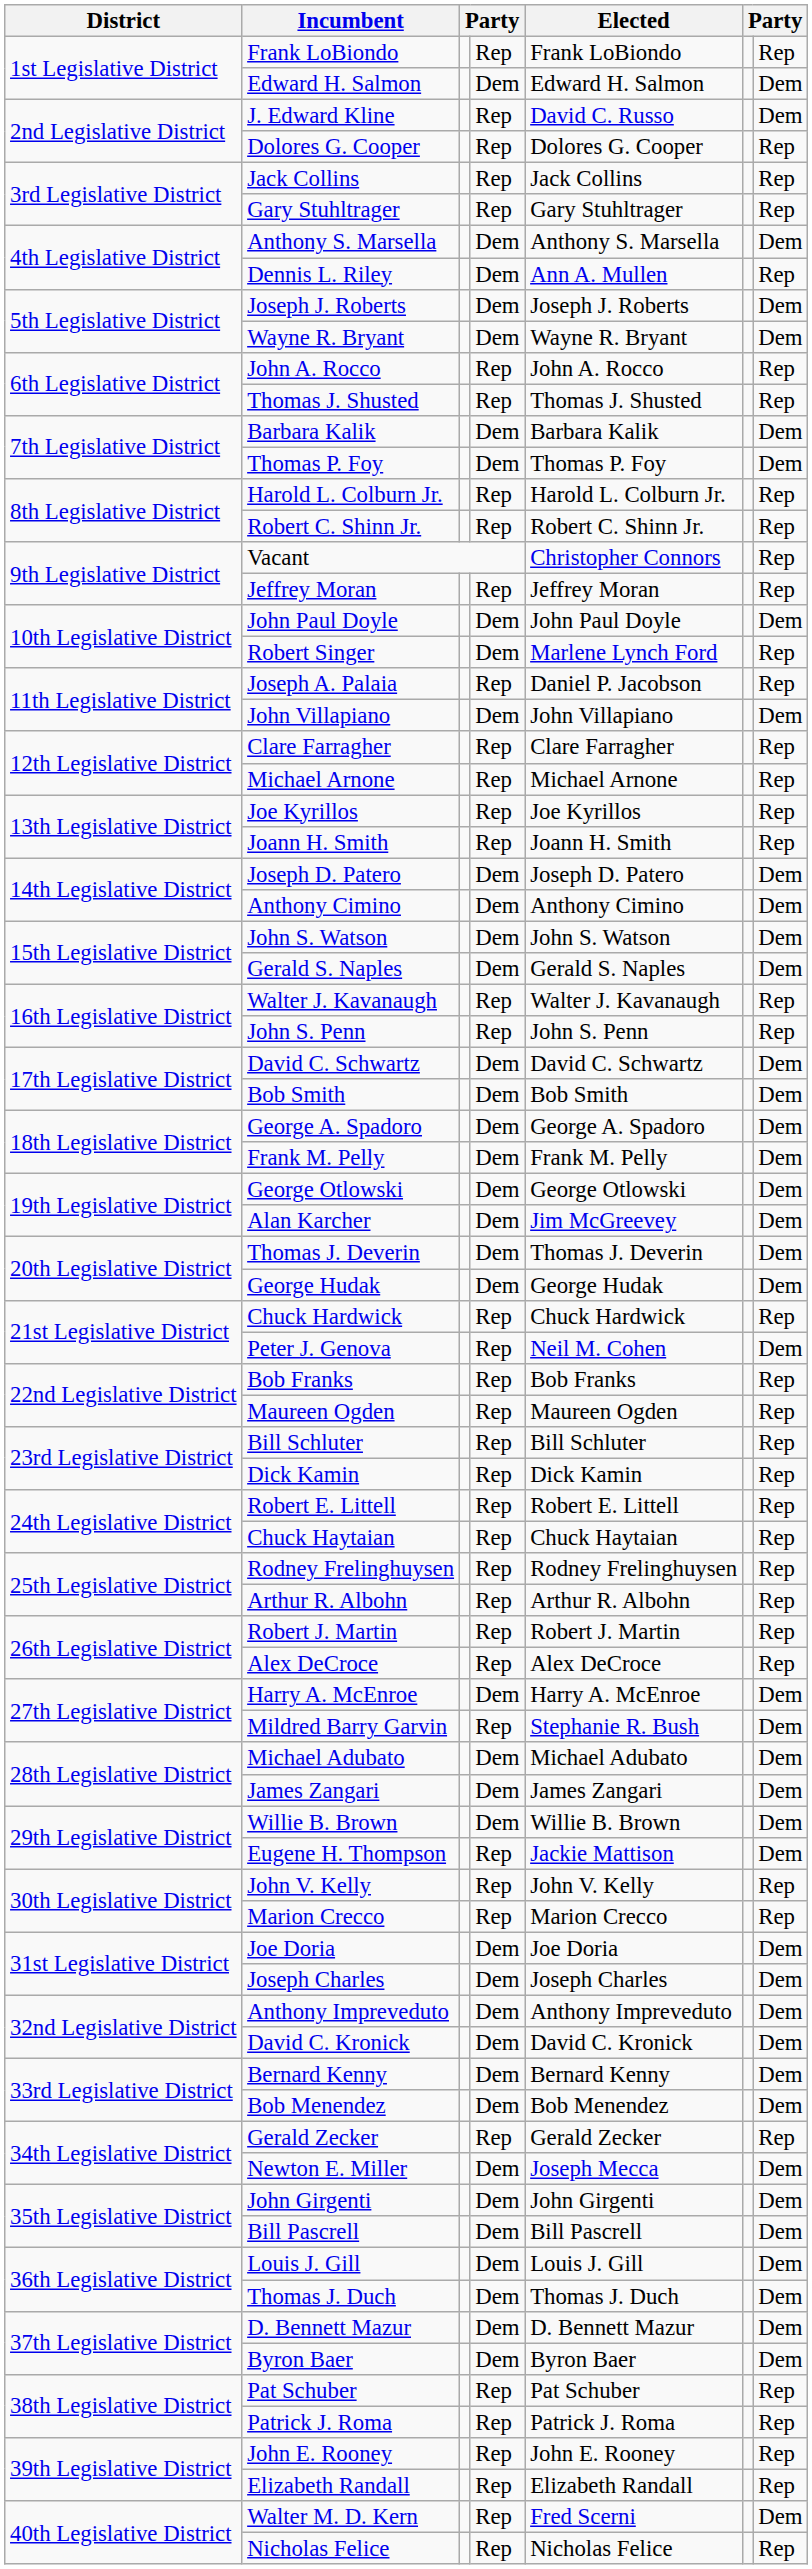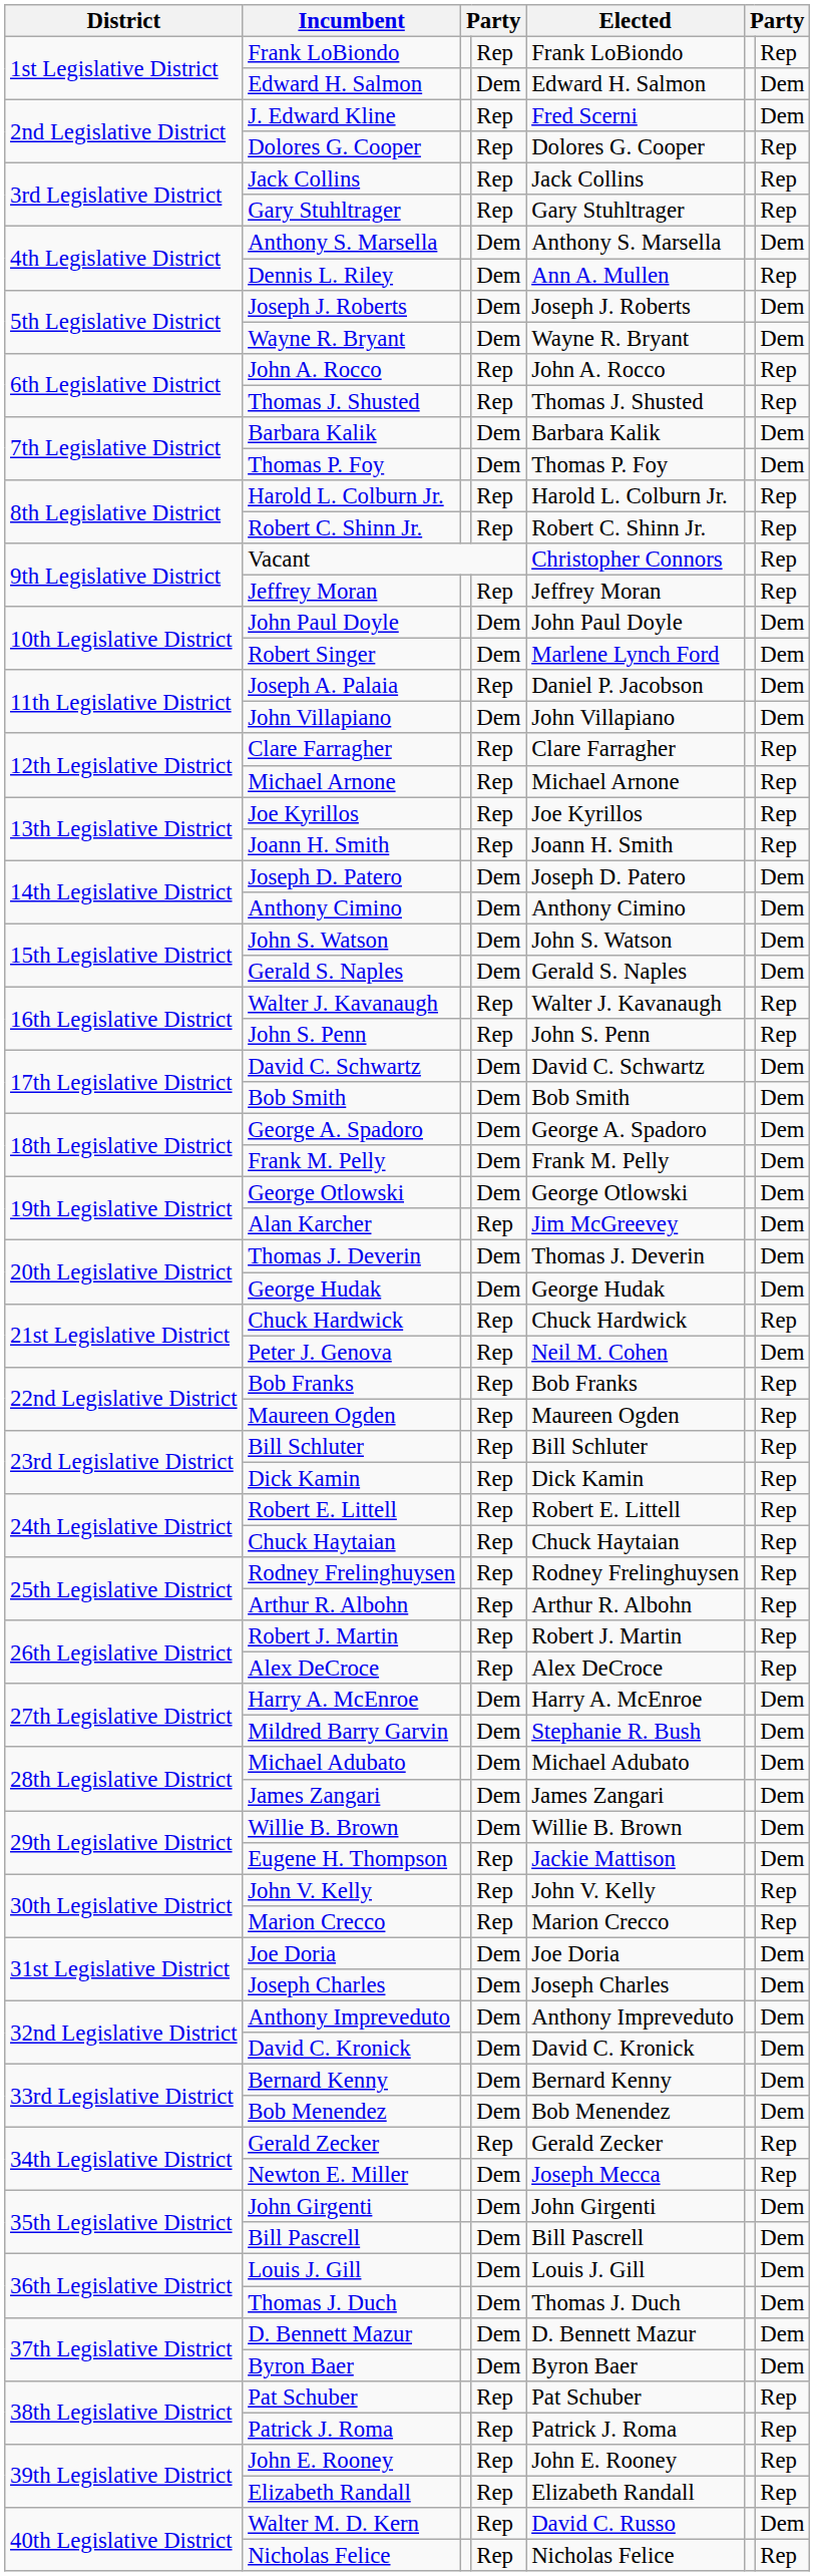 <table class="sortable wikitable" style="font-size:95%;line-height:14px;">
 <tr>
 <th>District</th>
 <th class="unsortable"><a href='#'>Incumbent</a></th>
 <th colspan="2">Party</th>
 <th class="unsortable">Elected</th>
 <th colspan="2">Party</th>
 </tr>
 <tr>
 <td rowspan="2"><a href='#'>1st Legislative District</a></td>
 <td><a href='#'>Frank LoBiondo</a></td>
 <td style="background:"></td>
 <td>Rep</td>
 <td>Frank LoBiondo</td>
 <td style="background:"></td>
 <td>Rep</td>
 </tr>
 <tr>
 <td><a href='#'>Edward H. Salmon</a></td>
 <td style="background:"></td>
 <td>Dem</td>
 <td>Edward H. Salmon</td>
 <td style="background:"></td>
 <td>Dem</td>
 </tr>
 <tr>
 <td rowspan="2"><a href='#'>2nd Legislative District</a></td>
 <td><a href='#'>J. Edward Kline</a></td>
 <td style="background:"></td>
 <td>Rep</td>
-<td><a href='#'>David C. Russo</a></td>
+<td><a href='#'>Fred Scerni</a></td>
 <td style="background:"></td>
 <td>Dem</td>
 </tr>
 <tr>
 <td><a href='#'>Dolores G. Cooper</a></td>
 <td style="background:"></td>
 <td>Rep</td>
 <td>Dolores G. Cooper</td>
 <td style="background:"></td>
 <td>Rep</td>
 </tr>
 <tr>
 <td rowspan="2"><a href='#'>3rd Legislative District</a></td>
 <td><a href='#'>Jack Collins</a></td>
 <td style="background:"></td>
 <td>Rep</td>
 <td>Jack Collins</td>
 <td style="background:"></td>
 <td>Rep</td>
 </tr>
 <tr>
 <td><a href='#'>Gary Stuhltrager</a></td>
 <td style="background:"></td>
 <td>Rep</td>
 <td>Gary Stuhltrager</td>
 <td style="background:"></td>
 <td>Rep</td>
 </tr>
 <tr>
 <td rowspan="2"><a href='#'>4th Legislative District</a></td>
 <td><a href='#'>Anthony S. Marsella</a></td>
 <td style="background:"></td>
 <td>Dem</td>
 <td>Anthony S. Marsella</td>
 <td style="background:"></td>
 <td>Dem</td>
 </tr>
 <tr>
 <td><a href='#'>Dennis L. Riley</a></td>
 <td style="background:"></td>
 <td>Dem</td>
 <td><a href='#'>Ann A. Mullen</a></td>
 <td style="background:"></td>
 <td>Rep</td>
 </tr>
 <tr>
 <td rowspan="2"><a href='#'>5th Legislative District</a></td>
 <td><a href='#'>Joseph J. Roberts</a></td>
 <td style="background:"></td>
 <td>Dem</td>
 <td>Joseph J. Roberts</td>
 <td style="background:"></td>
 <td>Dem</td>
 </tr>
 <tr>
 <td><a href='#'>Wayne R. Bryant</a></td>
 <td style="background:"></td>
 <td>Dem</td>
 <td>Wayne R. Bryant</td>
 <td style="background:"></td>
 <td>Dem</td>
 </tr>
 <tr>
 <td rowspan="2"><a href='#'>6th Legislative District</a></td>
 <td><a href='#'>John A. Rocco</a></td>
 <td style="background:"></td>
 <td>Rep</td>
 <td>John A. Rocco</td>
 <td style="background:"></td>
 <td>Rep</td>
 </tr>
 <tr>
 <td><a href='#'>Thomas J. Shusted</a></td>
 <td style="background:"></td>
 <td>Rep</td>
 <td>Thomas J. Shusted</td>
 <td style="background:"></td>
 <td>Rep</td>
 </tr>
 <tr>
 <td rowspan="2"><a href='#'>7th Legislative District</a></td>
 <td><a href='#'>Barbara Kalik</a></td>
 <td style="background:"></td>
 <td>Dem</td>
 <td>Barbara Kalik</td>
 <td style="background:"></td>
 <td>Dem</td>
 </tr>
 <tr>
 <td><a href='#'>Thomas P. Foy</a></td>
 <td style="background:"></td>
 <td>Dem</td>
 <td>Thomas P. Foy</td>
 <td style="background:"></td>
 <td>Dem</td>
 </tr>
 <tr>
 <td rowspan="2"><a href='#'>8th Legislative District</a></td>
 <td><a href='#'>Harold L. Colburn Jr.</a></td>
 <td style="background:"></td>
 <td>Rep</td>
 <td>Harold L. Colburn Jr.</td>
 <td style="background:"></td>
 <td>Rep</td>
 </tr>
 <tr>
 <td><a href='#'>Robert C. Shinn Jr.</a></td>
 <td style="background:"></td>
 <td>Rep</td>
 <td>Robert C. Shinn Jr.</td>
 <td style="background:"></td>
 <td>Rep</td>
 </tr>
 <tr>
 <td rowspan="2"><a href='#'>9th Legislative District</a></td>
 <td colspan="3">Vacant</td>
 <td><a href='#'>Christopher Connors</a></td>
 <td style="background:"></td>
 <td>Rep</td>
 </tr>
 <tr>
 <td><a href='#'>Jeffrey Moran</a></td>
 <td style="background:"></td>
 <td>Rep</td>
 <td>Jeffrey Moran</td>
 <td style="background:"></td>
 <td>Rep</td>
 </tr>
 <tr>
 <td rowspan="2"><a href='#'>10th Legislative District</a></td>
 <td><a href='#'>John Paul Doyle</a></td>
 <td style="background:"></td>
 <td>Dem</td>
 <td>John Paul Doyle</td>
 <td style="background:"></td>
 <td>Dem</td>
 </tr>
 <tr>
 <td><a href='#'>Robert Singer</a></td>
 <td style="background:"></td>
 <td>Dem</td>
 <td><a href='#'>Marlene Lynch Ford</a></td>
 <td style="background:"></td>
-<td>Rep</td>
+<td>Dem</td>
 </tr>
 <tr>
 <td rowspan="2"><a href='#'>11th Legislative District</a></td>
 <td><a href='#'>Joseph A. Palaia</a></td>
 <td style="background:"></td>
 <td>Rep</td>
 <td>Daniel P. Jacobson</td>
 <td style="background:"></td>
-<td>Rep</td>
+<td>Dem</td>
 </tr>
 <tr>
 <td><a href='#'>John Villapiano</a></td>
 <td style="background:"></td>
 <td>Dem</td>
 <td>John Villapiano</td>
 <td style="background:"></td>
 <td>Dem</td>
 </tr>
 <tr>
 <td rowspan="2"><a href='#'>12th Legislative District</a></td>
 <td><a href='#'>Clare Farragher</a></td>
 <td style="background:"></td>
 <td>Rep</td>
 <td>Clare Farragher</td>
 <td style="background:"></td>
 <td>Rep</td>
 </tr>
 <tr>
 <td><a href='#'>Michael Arnone</a></td>
 <td style="background:"></td>
 <td>Rep</td>
 <td>Michael Arnone</td>
 <td style="background:"></td>
 <td>Rep</td>
 </tr>
 <tr>
 <td rowspan="2"><a href='#'>13th Legislative District</a></td>
 <td><a href='#'>Joe Kyrillos</a></td>
 <td style="background:"></td>
 <td>Rep</td>
 <td>Joe Kyrillos</td>
 <td style="background:"></td>
 <td>Rep</td>
 </tr>
 <tr>
 <td><a href='#'>Joann H. Smith</a></td>
 <td style="background:"></td>
 <td>Rep</td>
 <td>Joann H. Smith</td>
 <td style="background:"></td>
 <td>Rep</td>
 </tr>
 <tr>
 <td rowspan="2"><a href='#'>14th Legislative District</a></td>
 <td><a href='#'>Joseph D. Patero</a></td>
 <td style="background:"></td>
 <td>Dem</td>
 <td>Joseph D. Patero</td>
 <td style="background:"></td>
 <td>Dem</td>
 </tr>
 <tr>
 <td><a href='#'>Anthony Cimino</a></td>
 <td style="background:"></td>
 <td>Dem</td>
 <td>Anthony Cimino</td>
 <td style="background:"></td>
 <td>Dem</td>
 </tr>
 <tr>
 <td rowspan="2"><a href='#'>15th Legislative District</a></td>
 <td><a href='#'>John S. Watson</a></td>
 <td style="background:"></td>
 <td>Dem</td>
 <td>John S. Watson</td>
 <td style="background:"></td>
 <td>Dem</td>
 </tr>
 <tr>
 <td><a href='#'>Gerald S. Naples</a></td>
 <td style="background:"></td>
 <td>Dem</td>
 <td>Gerald S. Naples</td>
 <td style="background:"></td>
 <td>Dem</td>
 </tr>
 <tr>
 <td rowspan="2"><a href='#'>16th Legislative District</a></td>
 <td><a href='#'>Walter J. Kavanaugh</a></td>
 <td style="background:"></td>
 <td>Rep</td>
 <td>Walter J. Kavanaugh</td>
 <td style="background:"></td>
 <td>Rep</td>
 </tr>
 <tr>
 <td><a href='#'>John S. Penn</a></td>
 <td style="background:"></td>
 <td>Rep</td>
 <td>John S. Penn</td>
 <td style="background:"></td>
 <td>Rep</td>
 </tr>
 <tr>
 <td rowspan="2"><a href='#'>17th Legislative District</a></td>
 <td><a href='#'>David C. Schwartz</a></td>
 <td style="background:"></td>
 <td>Dem</td>
 <td>David C. Schwartz</td>
 <td style="background:"></td>
 <td>Dem</td>
 </tr>
 <tr>
 <td><a href='#'>Bob Smith</a></td>
 <td style="background:"></td>
 <td>Dem</td>
 <td>Bob Smith</td>
 <td style="background:"></td>
 <td>Dem</td>
 </tr>
 <tr>
 <td rowspan="2"><a href='#'>18th Legislative District</a></td>
 <td><a href='#'>George A. Spadoro</a></td>
 <td style="background:"></td>
 <td>Dem</td>
 <td>George A. Spadoro</td>
 <td style="background:"></td>
 <td>Dem</td>
 </tr>
 <tr>
 <td><a href='#'>Frank M. Pelly</a></td>
 <td style="background:"></td>
 <td>Dem</td>
 <td>Frank M. Pelly</td>
 <td style="background:"></td>
 <td>Dem</td>
 </tr>
 <tr>
 <td rowspan="2"><a href='#'>19th Legislative District</a></td>
 <td><a href='#'>George Otlowski</a></td>
 <td style="background:"></td>
 <td>Dem</td>
 <td>George Otlowski</td>
 <td style="background:"></td>
 <td>Dem</td>
 </tr>
 <tr>
 <td><a href='#'>Alan Karcher</a></td>
 <td style="background:"></td>
-<td>Dem</td>
+<td>Rep</td>
 <td><a href='#'>Jim McGreevey</a></td>
 <td style="background:"></td>
 <td>Dem</td>
 </tr>
 <tr>
 <td rowspan="2"><a href='#'>20th Legislative District</a></td>
 <td><a href='#'>Thomas J. Deverin</a></td>
 <td style="background:"></td>
 <td>Dem</td>
 <td>Thomas J. Deverin</td>
 <td style="background:"></td>
 <td>Dem</td>
 </tr>
 <tr>
 <td><a href='#'>George Hudak</a></td>
 <td style="background:"></td>
 <td>Dem</td>
 <td>George Hudak</td>
 <td style="background:"></td>
 <td>Dem</td>
 </tr>
 <tr>
 <td rowspan="2"><a href='#'>21st Legislative District</a></td>
 <td><a href='#'>Chuck Hardwick</a></td>
 <td style="background:"></td>
 <td>Rep</td>
 <td>Chuck Hardwick</td>
 <td style="background:"></td>
 <td>Rep</td>
 </tr>
 <tr>
 <td><a href='#'>Peter J. Genova</a></td>
 <td style="background:"></td>
 <td>Rep</td>
 <td><a href='#'>Neil M. Cohen</a></td>
 <td style="background:"></td>
 <td>Dem</td>
 </tr>
 <tr>
 <td rowspan="2"><a href='#'>22nd Legislative District</a></td>
 <td><a href='#'>Bob Franks</a></td>
 <td style="background:"></td>
 <td>Rep</td>
 <td>Bob Franks</td>
 <td style="background:"></td>
 <td>Rep</td>
 </tr>
 <tr>
 <td><a href='#'>Maureen Ogden</a></td>
 <td style="background:"></td>
 <td>Rep</td>
 <td>Maureen Ogden</td>
 <td style="background:"></td>
 <td>Rep</td>
 </tr>
 <tr>
 <td rowspan="2"><a href='#'>23rd Legislative District</a></td>
 <td><a href='#'>Bill Schluter</a></td>
 <td style="background:"></td>
 <td>Rep</td>
 <td>Bill Schluter</td>
 <td style="background:"></td>
 <td>Rep</td>
 </tr>
 <tr>
 <td><a href='#'>Dick Kamin</a></td>
 <td style="background:"></td>
 <td>Rep</td>
 <td>Dick Kamin</td>
 <td style="background:"></td>
 <td>Rep</td>
 </tr>
 <tr>
 <td rowspan="2"><a href='#'>24th Legislative District</a></td>
 <td><a href='#'>Robert E. Littell</a></td>
 <td style="background:"></td>
 <td>Rep</td>
 <td>Robert E. Littell</td>
 <td style="background:"></td>
 <td>Rep</td>
 </tr>
 <tr>
 <td><a href='#'>Chuck Haytaian</a></td>
 <td style="background:"></td>
 <td>Rep</td>
 <td>Chuck Haytaian</td>
 <td style="background:"></td>
 <td>Rep</td>
 </tr>
 <tr>
 <td rowspan="2"><a href='#'>25th Legislative District</a></td>
 <td><a href='#'>Rodney Frelinghuysen</a></td>
 <td style="background:"></td>
 <td>Rep</td>
 <td>Rodney Frelinghuysen</td>
 <td style="background:"></td>
 <td>Rep</td>
 </tr>
 <tr>
 <td><a href='#'>Arthur R. Albohn</a></td>
 <td style="background:"></td>
 <td>Rep</td>
 <td>Arthur R. Albohn</td>
 <td style="background:"></td>
 <td>Rep</td>
 </tr>
 <tr>
 <td rowspan="2"><a href='#'>26th Legislative District</a></td>
 <td><a href='#'>Robert J. Martin</a></td>
 <td style="background:"></td>
 <td>Rep</td>
 <td>Robert J. Martin</td>
 <td style="background:"></td>
 <td>Rep</td>
 </tr>
 <tr>
 <td><a href='#'>Alex DeCroce</a></td>
 <td style="background:"></td>
 <td>Rep</td>
 <td>Alex DeCroce</td>
 <td style="background:"></td>
 <td>Rep</td>
 </tr>
 <tr>
 <td rowspan="2"><a href='#'>27th Legislative District</a></td>
 <td><a href='#'>Harry A. McEnroe</a></td>
 <td style="background:"></td>
 <td>Dem</td>
 <td>Harry A. McEnroe</td>
 <td style="background:"></td>
 <td>Dem</td>
 </tr>
 <tr>
 <td><a href='#'>Mildred Barry Garvin</a></td>
 <td style="background:"></td>
-<td>Rep</td>
+<td>Dem</td>
 <td><a href='#'>Stephanie R. Bush</a></td>
 <td style="background:"></td>
 <td>Dem</td>
 </tr>
 <tr>
 <td rowspan="2"><a href='#'>28th Legislative District</a></td>
 <td><a href='#'>Michael Adubato</a></td>
 <td style="background:"></td>
 <td>Dem</td>
 <td>Michael Adubato</td>
 <td style="background:"></td>
 <td>Dem</td>
 </tr>
 <tr>
 <td><a href='#'>James Zangari</a></td>
 <td style="background:"></td>
 <td>Dem</td>
 <td>James Zangari</td>
 <td style="background:"></td>
 <td>Dem</td>
 </tr>
 <tr>
 <td rowspan="2"><a href='#'>29th Legislative District</a></td>
 <td><a href='#'>Willie B. Brown</a></td>
 <td style="background:"></td>
 <td>Dem</td>
 <td>Willie B. Brown</td>
 <td style="background:"></td>
 <td>Dem</td>
 </tr>
 <tr>
 <td><a href='#'>Eugene H. Thompson</a></td>
 <td style="background:"></td>
 <td>Rep</td>
 <td><a href='#'>Jackie Mattison</a></td>
 <td style="background:"></td>
 <td>Dem</td>
 </tr>
 <tr>
 <td rowspan="2"><a href='#'>30th Legislative District</a></td>
 <td><a href='#'>John V. Kelly</a></td>
 <td style="background:"></td>
 <td>Rep</td>
 <td>John V. Kelly</td>
 <td style="background:"></td>
 <td>Rep</td>
 </tr>
 <tr>
 <td><a href='#'>Marion Crecco</a></td>
 <td style="background:"></td>
 <td>Rep</td>
 <td>Marion Crecco</td>
 <td style="background:"></td>
 <td>Rep</td>
 </tr>
 <tr>
 <td rowspan="2"><a href='#'>31st Legislative District</a></td>
 <td><a href='#'>Joe Doria</a></td>
 <td style="background:"></td>
 <td>Dem</td>
 <td>Joe Doria</td>
 <td style="background:"></td>
 <td>Dem</td>
 </tr>
 <tr>
 <td><a href='#'>Joseph Charles</a></td>
 <td style="background:"></td>
 <td>Dem</td>
 <td>Joseph Charles</td>
 <td style="background:"></td>
 <td>Dem</td>
 </tr>
 <tr>
 <td rowspan="2"><a href='#'>32nd Legislative District</a></td>
 <td><a href='#'>Anthony Impreveduto</a></td>
 <td style="background:"></td>
 <td>Dem</td>
 <td>Anthony Impreveduto</td>
 <td style="background:"></td>
 <td>Dem</td>
 </tr>
 <tr>
 <td><a href='#'>David C. Kronick</a></td>
 <td style="background:"></td>
 <td>Dem</td>
 <td>David C. Kronick</td>
 <td style="background:"></td>
 <td>Dem</td>
 </tr>
 <tr>
 <td rowspan="2"><a href='#'>33rd Legislative District</a></td>
 <td><a href='#'>Bernard Kenny</a></td>
 <td style="background:"></td>
 <td>Dem</td>
 <td>Bernard Kenny</td>
 <td style="background:"></td>
 <td>Dem</td>
 </tr>
 <tr>
 <td><a href='#'>Bob Menendez</a></td>
 <td style="background:"></td>
 <td>Dem</td>
 <td>Bob Menendez</td>
 <td style="background:"></td>
 <td>Dem</td>
 </tr>
 <tr>
 <td rowspan="2"><a href='#'>34th Legislative District</a></td>
 <td><a href='#'>Gerald Zecker</a></td>
 <td style="background:"></td>
 <td>Rep</td>
 <td>Gerald Zecker</td>
 <td style="background:"></td>
 <td>Rep</td>
 </tr>
 <tr>
 <td><a href='#'>Newton E. Miller</a></td>
 <td style="background:"></td>
 <td>Dem</td>
 <td><a href='#'>Joseph Mecca</a></td>
 <td style="background:"></td>
-<td>Dem</td>
+<td>Rep</td>
 </tr>
 <tr>
 <td rowspan="2"><a href='#'>35th Legislative District</a></td>
 <td><a href='#'>John Girgenti</a></td>
 <td style="background:"></td>
 <td>Dem</td>
 <td>John Girgenti</td>
 <td style="background:"></td>
 <td>Dem</td>
 </tr>
 <tr>
 <td><a href='#'>Bill Pascrell</a></td>
 <td style="background:"></td>
 <td>Dem</td>
 <td>Bill Pascrell</td>
 <td style="background:"></td>
 <td>Dem</td>
 </tr>
 <tr>
 <td rowspan="2"><a href='#'>36th Legislative District</a></td>
 <td><a href='#'>Louis J. Gill</a></td>
 <td style="background:"></td>
 <td>Dem</td>
 <td>Louis J. Gill</td>
 <td style="background:"></td>
 <td>Dem</td>
 </tr>
 <tr>
 <td><a href='#'>Thomas J. Duch</a></td>
 <td style="background:"></td>
 <td>Dem</td>
 <td>Thomas J. Duch</td>
 <td style="background:"></td>
 <td>Dem</td>
 </tr>
 <tr>
 <td rowspan="2"><a href='#'>37th Legislative District</a></td>
 <td><a href='#'>D. Bennett Mazur</a></td>
 <td style="background:"></td>
 <td>Dem</td>
 <td>D. Bennett Mazur</td>
 <td style="background:"></td>
 <td>Dem</td>
 </tr>
 <tr>
 <td><a href='#'>Byron Baer</a></td>
 <td style="background:"></td>
 <td>Dem</td>
 <td>Byron Baer</td>
 <td style="background:"></td>
 <td>Dem</td>
 </tr>
 <tr>
 <td rowspan="2"><a href='#'>38th Legislative District</a></td>
 <td><a href='#'>Pat Schuber</a></td>
 <td style="background:"></td>
 <td>Rep</td>
 <td>Pat Schuber</td>
 <td style="background:"></td>
 <td>Rep</td>
 </tr>
 <tr>
 <td><a href='#'>Patrick J. Roma</a></td>
 <td style="background:"></td>
 <td>Rep</td>
 <td>Patrick J. Roma</td>
 <td style="background:"></td>
 <td>Rep</td>
 </tr>
 <tr>
 <td rowspan="2"><a href='#'>39th Legislative District</a></td>
 <td><a href='#'>John E. Rooney</a></td>
 <td style="background:"></td>
 <td>Rep</td>
 <td>John E. Rooney</td>
 <td style="background:"></td>
 <td>Rep</td>
 </tr>
 <tr>
 <td><a href='#'>Elizabeth Randall</a></td>
 <td style="background:"></td>
 <td>Rep</td>
 <td>Elizabeth Randall</td>
 <td style="background:"></td>
 <td>Rep</td>
 </tr>
 <tr>
 <td rowspan="2"><a href='#'>40th Legislative District</a></td>
 <td><a href='#'>Walter M. D. Kern</a></td>
 <td style="background:"></td>
 <td>Rep</td>
-<td><a href='#'>Fred Scerni</a></td>
+<td><a href='#'>David C. Russo</a></td>
 <td style="background:"></td>
 <td>Dem</td>
 </tr>
 <tr>
 <td><a href='#'>Nicholas Felice</a></td>
 <td style="background:"></td>
 <td>Rep</td>
 <td>Nicholas Felice</td>
 <td style="background:"></td>
 <td>Rep</td>
 </tr>
 </table>
